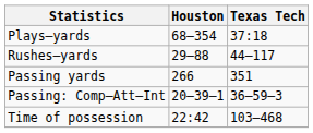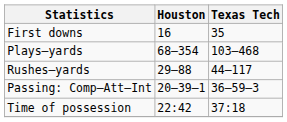 <table class="wikitable" style="float: left;">
 <tr>
 <th>Statistics</th>
 <th>Houston</th>
 <th>Texas Tech</th>
 </tr>
 <tr>
+<td>First downs</td>
+<td>16</td>
+<td>35</td>
+</tr>
+<tr>
 <td>Plays–yards</td>
 <td>68–354</td>
-<td>37:18</td>
+<td>103–468</td>
 </tr>
 <tr>
 <td>Rushes–yards</td>
 <td>29–88</td>
 <td>44–117</td>
-</tr>
-<tr>
-<td>Passing yards</td>
-<td>266</td>
-<td>351</td>
 </tr>
 <tr>
 <td>Passing: Comp–Att–Int</td>
 <td>20–39–1</td>
 <td>36–59–3</td>
 </tr>
 <tr>
 <td>Time of possession</td>
 <td>22:42</td>
-<td>103–468</td>
+<td>37:18</td>
 </tr>
 <tr>
 </tr>
 </table>
